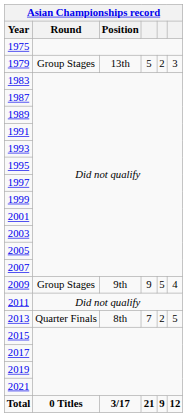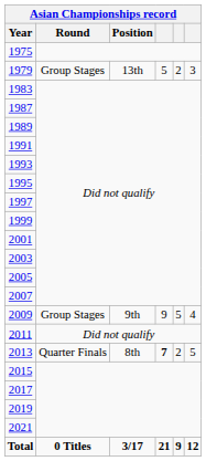 <table class="wikitable" style="text-align: center;">
 <tr>
 <th colspan=10><a href='#'>Asian Championships record</a></th>
 </tr>
 <tr>
 <th>Year</th>
 <th>Round</th>
 <th>Position</th>
 <th></th>
 <th></th>
 <th></th>
 </tr>
 <tr>
 <td> <a href='#'>1975</a></td>
 <td colspan="6" rowspan=1></td>
 </tr>
 <tr>
 <td> <a href='#'>1979</a></td>
 <td>Group Stages</td>
 <td>13th</td>
 <td>5</td>
 <td>2</td>
 <td>3</td>
 </tr>
 <tr>
 <td> <a href='#'>1983</a></td>
 <td colspan="6" rowspan=12><em>Did not qualify</em></td>
 </tr>
 <tr>
 <td> <a href='#'>1987</a></td>
 </tr>
 <tr>
 <td> <a href='#'>1989</a></td>
 </tr>
 <tr>
 <td> <a href='#'>1991</a></td>
 </tr>
 <tr>
 <td> <a href='#'>1993</a></td>
 </tr>
 <tr>
 <td> <a href='#'>1995</a></td>
 </tr>
 <tr>
 <td> <a href='#'>1997</a></td>
 </tr>
 <tr>
 <td> <a href='#'>1999</a></td>
 </tr>
 <tr>
 <td> <a href='#'>2001</a></td>
 </tr>
 <tr>
 <td> <a href='#'>2003</a></td>
 </tr>
 <tr>
 <td> <a href='#'>2005</a></td>
 </tr>
 <tr>
 <td> <a href='#'>2007</a></td>
 </tr>
 <tr>
 <td> <a href='#'>2009</a></td>
 <td>Group Stages</td>
 <td>9th</td>
 <td>9</td>
 <td>5</td>
 <td>4</td>
 </tr>
 <tr>
 <td> <a href='#'>2011</a></td>
 <td colspan="6" rowspan=1><em>Did not qualify</em></td>
 </tr>
 <tr>
 <td> <a href='#'>2013</a></td>
 <td>Quarter Finals</td>
 <td>8th</td>
-<td>7</td>
+<td><strong>7</strong></td>
 <td>2</td>
 <td>5</td>
 </tr>
 <tr>
 <td> <a href='#'>2015</a></td>
 </tr>
 <tr>
 <td> <a href='#'>2017</a></td>
 </tr>
 <tr>
 <td> <a href='#'>2019</a></td>
 </tr>
 <tr>
 <td> <a href='#'>2021</a></td>
 </tr>
 <tr>
 <td colspan=1><strong>Total</strong></td>
 <td><strong>0 Titles</strong></td>
 <td><strong>3/17</strong></td>
 <td><strong>21</strong></td>
 <td><strong>9</strong></td>
 <td><strong>12</strong></td>
 </tr>
 </table>
